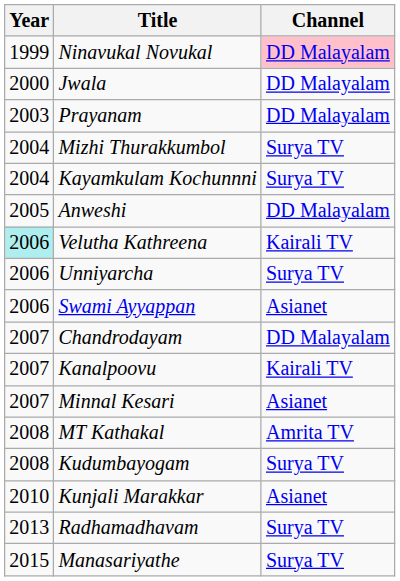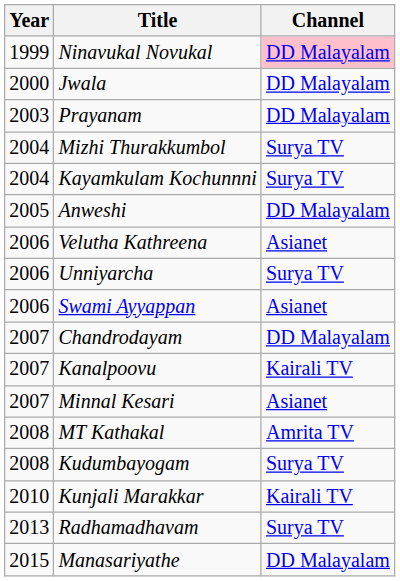 <table class="wikitable plainrowheaders sortable">
 <tr>
 <th scope="col">Year</th>
 <th scope="col">Title</th>
 <th scope="col">Channel<br>  </th>
 </tr>
 <tr>
 <td>1999</td>
 <td><em> Ninavukal Novukal</em></td>
 <td style="background: pink;"><a href='#'>DD Malayalam</a></td>
 </tr>
 <tr>
 <td>2000</td>
 <td><em> Jwala</em></td>
 <td><a href='#'>DD Malayalam</a></td>
 </tr>
 <tr>
 <td>2003</td>
 <td><em> Prayanam</em></td>
 <td><a href='#'>DD Malayalam</a></td>
 </tr>
 <tr>
 <td>2004</td>
 <td><em> Mizhi Thurakkumbol</em></td>
 <td><a href='#'>Surya TV</a></td>
 </tr>
 <tr>
 <td>2004</td>
 <td><em> Kayamkulam Kochunnni</em></td>
 <td><a href='#'>Surya TV</a></td>
 </tr>
 <tr>
 <td>2005</td>
 <td><em> Anweshi</em></td>
 <td><a href='#'>DD Malayalam</a></td>
 </tr>
 <tr>
-<td style="background: paleturquoise;">2006</td>
+<td>2006</td>
 <td><em> Velutha Kathreena</em></td>
-<td><a href='#'>Kairali TV</a></td>
+<td><a href='#'>Asianet</a></td>
 </tr>
 <tr>
 <td>2006</td>
 <td><em>Unniyarcha</em></td>
 <td><a href='#'>Surya TV</a></td>
 </tr>
 <tr>
 <td>2006</td>
 <td><em> <a href='#'>Swami Ayyappan</a></em></td>
 <td><a href='#'>Asianet</a></td>
 </tr>
 <tr>
 <td>2007</td>
 <td><em> Chandrodayam</em></td>
 <td><a href='#'>DD Malayalam</a></td>
 </tr>
 <tr>
 <td>2007</td>
 <td><em>Kanalpoovu</em></td>
 <td><a href='#'>Kairali TV</a></td>
 </tr>
 <tr>
 <td>2007</td>
 <td><em> Minnal Kesari</em></td>
 <td><a href='#'>Asianet</a></td>
 </tr>
 <tr>
 <td>2008</td>
 <td><em> MT Kathakal</em></td>
 <td><a href='#'>Amrita TV</a><br></td>
 </tr>
 <tr>
 <td>2008</td>
 <td><em> Kudumbayogam</em></td>
 <td><a href='#'>Surya TV</a></td>
 </tr>
 <tr>
 <td>2010</td>
 <td><em> Kunjali Marakkar</em></td>
-<td><a href='#'>Asianet</a></td>
+<td><a href='#'>Kairali TV</a></td>
 </tr>
 <tr>
 <td>2013</td>
 <td><em>Radhamadhavam</em></td>
 <td><a href='#'>Surya TV</a></td>
 </tr>
 <tr>
 <td>2015</td>
 <td><em> Manasariyathe</em></td>
-<td><a href='#'>Surya TV</a></td>
+<td><a href='#'>DD Malayalam</a></td>
 </tr>
 </table>
